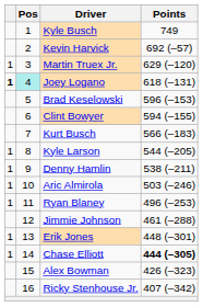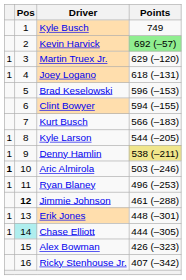 <table class="wikitable" style="font-size: 95%">
 <tr>
 <th></th>
 <th>Pos</th>
 <th>Driver</th>
 <th>Points</th>
 </tr>
 <tr>
 <td align="left"></td>
 <td style="text-align:center;">1</td>
 <td style="background:#FFDEAD;"><a href='#'>Kyle Busch</a></td>
 <td style="text-align:center;">749</td>
 </tr>
 <tr>
 <td align="left"></td>
 <td style="text-align:center;">2</td>
 <td style="background:#FFDEAD;"><a href='#'>Kevin Harvick</a></td>
-<td style="text-align:center;">692 (–57)</td>
+<td style="background: lightgreen; text-align:center;">692 (–57)</td>
 </tr>
 <tr>
 <td align="left"> 1</td>
 <td style="text-align:center;">3</td>
 <td style="background:#FFDEAD;"><a href='#'>Martin Truex Jr.</a></td>
 <td style="text-align:center;">629 (–120)</td>
 </tr>
 <tr>
-<td align="left"><strong> 1</strong></td>
-<td style="background: paleturquoise; text-align:center;">4</td>
+<td align="left"> 1</td>
+<td style="text-align:center;">4</td>
 <td style="background:#FFDEAD;"><a href='#'>Joey Logano</a></td>
 <td style="text-align:center;">618 (–131)</td>
 </tr>
 <tr>
 <td align="left"></td>
 <td style="text-align:center;">5</td>
 <td><a href='#'>Brad Keselowski</a></td>
 <td style="text-align:center;">596 (–153)</td>
 </tr>
 <tr>
 <td align="left"></td>
 <td style="text-align:center;">6</td>
 <td style="background:#FFDEAD;"><a href='#'>Clint Bowyer</a></td>
 <td style="text-align:center;">594 (–155)</td>
 </tr>
 <tr>
 <td align="left"></td>
 <td style="text-align:center;">7</td>
 <td><a href='#'>Kurt Busch</a></td>
 <td style="text-align:center;">566 (–183)</td>
 </tr>
 <tr>
 <td align="left"> 1</td>
 <td style="text-align:center;">8</td>
 <td><a href='#'>Kyle Larson</a></td>
 <td style="text-align:center;">544 (–205)</td>
 </tr>
 <tr>
 <td align="left"> 1</td>
 <td style="text-align:center;">9</td>
 <td><a href='#'>Denny Hamlin</a></td>
-<td style="text-align:center;">538 (–211)</td>
+<td style="background: khaki; text-align:center;">538 (–211)</td>
 </tr>
 <tr>
-<td align="left"> 1</td>
+<td align="left"><strong> 1</strong></td>
 <td style="text-align:center;">10</td>
 <td><a href='#'>Aric Almirola</a></td>
 <td style="text-align:center;">503 (–246)</td>
 </tr>
 <tr>
 <td align="left"> 1</td>
 <td style="text-align:center;">11</td>
 <td><a href='#'>Ryan Blaney</a></td>
 <td style="text-align:center;">496 (–253)</td>
 </tr>
 <tr>
 <td align="left"></td>
-<td style="text-align:center;">12</td>
+<td style="text-align:center;"><strong>12</strong></td>
 <td><a href='#'>Jimmie Johnson</a></td>
 <td style="text-align:center;">461 (–288)</td>
 </tr>
 <tr>
 <td align="left"> 1</td>
 <td style="text-align:center;">13</td>
 <td style="background:#FFDEAD;"><a href='#'>Erik Jones</a></td>
 <td style="text-align:center;">448 (–301)</td>
 </tr>
 <tr>
 <td align="left"> 1</td>
-<td style="text-align:center;">14</td>
+<td style="background: paleturquoise; text-align:center;">14</td>
 <td><a href='#'>Chase Elliott</a></td>
-<td style="text-align:center;"><strong>444 (–305)</strong></td>
+<td style="text-align:center;">444 (–305)</td>
 </tr>
 <tr>
 <td align="left"></td>
 <td style="text-align:center;">15</td>
 <td><a href='#'>Alex Bowman</a></td>
 <td style="text-align:center;">426 (–323)</td>
 </tr>
 <tr>
 <td align="left"></td>
 <td style="text-align:center;">16</td>
 <td><a href='#'>Ricky Stenhouse Jr.</a></td>
 <td style="text-align:center;">407 (–342)</td>
 </tr>
 <tr class="sortbottom">
 <th colspan="9"></th>
 </tr>
 </table>
